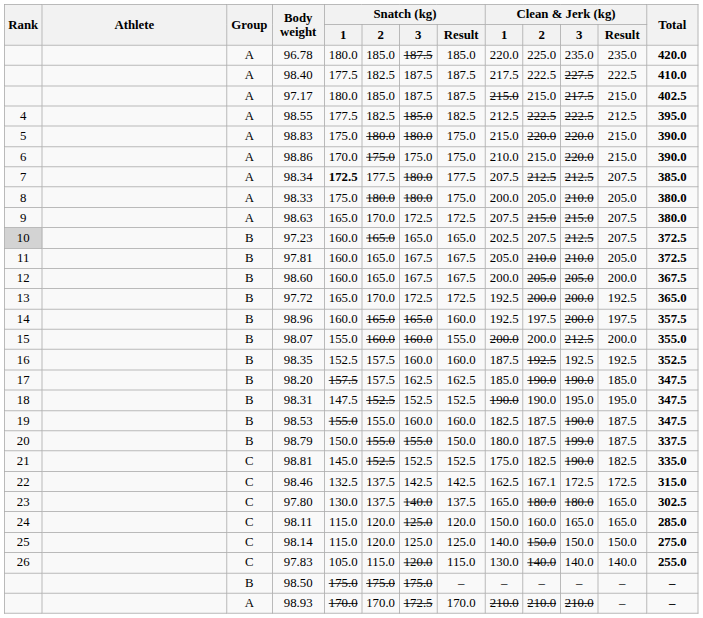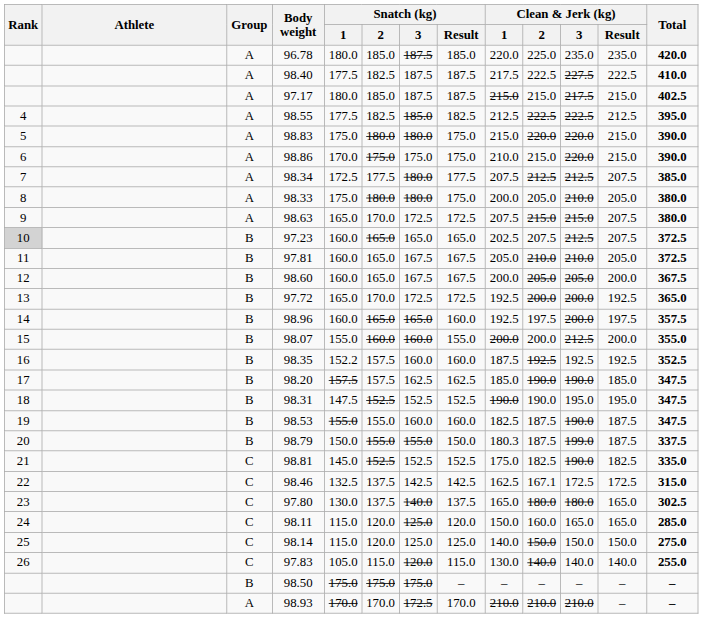 <table class="wikitable" style=" text-align:center;">
 <tr>
 <th rowspan=2 width=40>Rank</th>
 <th rowspan=2 width=250>Athlete</th>
 <th rowspan=2 width=50>Group</th>
 <th rowspan=2 width=60>Body weight</th>
 <th colspan=4>Snatch (kg)</th>
 <th colspan=4>Clean & Jerk (kg)</th>
 <th rowspan=2 width=60>Total</th>
 </tr>
 <tr>
 <th width=40>1</th>
 <th width=40>2</th>
 <th width=40>3</th>
 <th width=55>Result</th>
 <th width=40>1</th>
 <th width=40>2</th>
 <th width=40>3</th>
 <th width=55>Result</th>
 </tr>
 <tr>
 <td></td>
 <td align=left></td>
 <td>A</td>
 <td>96.78</td>
 <td>180.0</td>
 <td>185.0</td>
 <td><s>187.5</s></td>
 <td>185.0</td>
 <td>220.0</td>
 <td>225.0</td>
 <td>235.0</td>
 <td>235.0</td>
 <td><strong>420.0</strong></td>
 </tr>
 <tr>
 <td></td>
 <td align=left></td>
 <td>A</td>
 <td>98.40</td>
 <td>177.5</td>
 <td>182.5</td>
 <td>187.5</td>
 <td>187.5</td>
 <td>217.5</td>
 <td>222.5</td>
 <td><s>227.5</s></td>
 <td>222.5</td>
 <td><strong>410.0</strong></td>
 </tr>
 <tr>
 <td></td>
 <td align=left></td>
 <td>A</td>
 <td>97.17</td>
 <td>180.0</td>
 <td>185.0</td>
 <td>187.5</td>
 <td>187.5</td>
 <td><s>215.0</s></td>
 <td>215.0</td>
 <td><s>217.5</s></td>
 <td>215.0</td>
 <td><strong>402.5</strong></td>
 </tr>
 <tr>
 <td>4</td>
 <td align=left></td>
 <td>A</td>
 <td>98.55</td>
 <td>177.5</td>
 <td>182.5</td>
 <td><s>185.0</s></td>
 <td>182.5</td>
 <td>212.5</td>
 <td><s>222.5</s></td>
 <td><s>222.5</s></td>
 <td>212.5</td>
 <td><strong>395.0</strong></td>
 </tr>
 <tr>
 <td>5</td>
 <td align=left></td>
 <td>A</td>
 <td>98.83</td>
 <td>175.0</td>
 <td><s>180.0</s></td>
 <td><s>180.0</s></td>
 <td>175.0</td>
 <td>215.0</td>
 <td><s>220.0</s></td>
 <td><s>220.0</s></td>
 <td>215.0</td>
 <td><strong>390.0</strong></td>
 </tr>
 <tr>
 <td>6</td>
 <td align=left></td>
 <td>A</td>
 <td>98.86</td>
 <td>170.0</td>
 <td><s>175.0</s></td>
 <td>175.0</td>
 <td>175.0</td>
 <td>210.0</td>
 <td>215.0</td>
 <td><s>220.0</s></td>
 <td>215.0</td>
 <td><strong>390.0</strong></td>
 </tr>
 <tr>
 <td>7</td>
 <td align=left></td>
 <td>A</td>
 <td>98.34</td>
-<td><strong>172.5</strong></td>
+<td>172.5</td>
 <td>177.5</td>
 <td><s>180.0</s></td>
 <td>177.5</td>
 <td>207.5</td>
 <td><s>212.5</s></td>
 <td><s>212.5</s></td>
 <td>207.5</td>
 <td><strong>385.0</strong></td>
 </tr>
 <tr>
 <td>8</td>
 <td align=left></td>
 <td>A</td>
 <td>98.33</td>
 <td>175.0</td>
 <td><s>180.0</s></td>
 <td><s>180.0</s></td>
 <td>175.0</td>
 <td>200.0</td>
 <td>205.0</td>
 <td><s>210.0</s></td>
 <td>205.0</td>
 <td><strong>380.0</strong></td>
 </tr>
 <tr>
 <td>9</td>
 <td align=left></td>
 <td>A</td>
 <td>98.63</td>
 <td>165.0</td>
 <td>170.0</td>
 <td>172.5</td>
 <td>172.5</td>
 <td>207.5</td>
 <td><s>215.0</s></td>
 <td><s>215.0</s></td>
 <td>207.5</td>
 <td><strong>380.0</strong></td>
 </tr>
 <tr>
 <td style="background: lightgrey;">10</td>
 <td align=left></td>
 <td>B</td>
 <td>97.23</td>
 <td>160.0</td>
 <td><s>165.0</s></td>
 <td>165.0</td>
 <td>165.0</td>
 <td>202.5</td>
 <td>207.5</td>
 <td><s>212.5</s></td>
 <td>207.5</td>
 <td><strong>372.5</strong></td>
 </tr>
 <tr>
 <td>11</td>
 <td align=left></td>
 <td>B</td>
 <td>97.81</td>
 <td>160.0</td>
 <td>165.0</td>
 <td>167.5</td>
 <td>167.5</td>
 <td>205.0</td>
 <td><s>210.0</s></td>
 <td><s>210.0</s></td>
 <td>205.0</td>
 <td><strong>372.5</strong></td>
 </tr>
 <tr>
 <td>12</td>
 <td align=left></td>
 <td>B</td>
 <td>98.60</td>
 <td>160.0</td>
 <td>165.0</td>
 <td>167.5</td>
 <td>167.5</td>
 <td>200.0</td>
 <td><s>205.0</s></td>
 <td><s>205.0</s></td>
 <td>200.0</td>
 <td><strong>367.5</strong></td>
 </tr>
 <tr>
 <td>13</td>
 <td align=left></td>
 <td>B</td>
 <td>97.72</td>
 <td>165.0</td>
 <td>170.0</td>
 <td>172.5</td>
 <td>172.5</td>
 <td>192.5</td>
 <td><s>200.0</s></td>
 <td><s>200.0</s></td>
 <td>192.5</td>
 <td><strong>365.0</strong></td>
 </tr>
 <tr>
 <td>14</td>
 <td align=left></td>
 <td>B</td>
 <td>98.96</td>
 <td>160.0</td>
 <td><s>165.0</s></td>
 <td><s>165.0</s></td>
 <td>160.0</td>
 <td>192.5</td>
 <td>197.5</td>
 <td><s>200.0</s></td>
 <td>197.5</td>
 <td><strong>357.5</strong></td>
 </tr>
 <tr>
 <td>15</td>
 <td align=left></td>
 <td>B</td>
 <td>98.07</td>
 <td>155.0</td>
 <td><s>160.0</s></td>
 <td><s>160.0</s></td>
 <td>155.0</td>
 <td><s>200.0</s></td>
 <td>200.0</td>
 <td><s>212.5</s></td>
 <td>200.0</td>
 <td><strong>355.0</strong></td>
 </tr>
 <tr>
 <td>16</td>
 <td align=left></td>
 <td>B</td>
 <td>98.35</td>
-<td>152.5</td>
+<td>152.2</td>
 <td>157.5</td>
 <td>160.0</td>
 <td>160.0</td>
 <td>187.5</td>
 <td><s>192.5</s></td>
 <td>192.5</td>
 <td>192.5</td>
 <td><strong>352.5</strong></td>
 </tr>
 <tr>
 <td>17</td>
 <td align=left></td>
 <td>B</td>
 <td>98.20</td>
 <td><s>157.5</s></td>
 <td>157.5</td>
 <td>162.5</td>
 <td>162.5</td>
 <td>185.0</td>
 <td><s>190.0</s></td>
 <td><s>190.0</s></td>
 <td>185.0</td>
 <td><strong>347.5</strong></td>
 </tr>
 <tr>
 <td>18</td>
 <td align="left"></td>
 <td>B</td>
 <td>98.31</td>
 <td>147.5</td>
 <td><s>152.5</s></td>
 <td>152.5</td>
 <td>152.5</td>
 <td><s>190.0</s></td>
 <td>190.0</td>
 <td>195.0</td>
 <td>195.0</td>
 <td><strong>347.5</strong></td>
 </tr>
 <tr>
 <td>19</td>
 <td align="left"></td>
 <td>B</td>
 <td>98.53</td>
 <td><s>155.0</s></td>
 <td>155.0</td>
 <td>160.0</td>
 <td>160.0</td>
 <td>182.5</td>
 <td>187.5</td>
 <td><s>190.0</s></td>
 <td>187.5</td>
 <td><strong>347.5</strong></td>
 </tr>
 <tr>
 <td>20</td>
 <td align="left"></td>
 <td>B</td>
 <td>98.79</td>
 <td>150.0</td>
 <td><s>155.0</s></td>
 <td><s>155.0</s></td>
 <td>150.0</td>
-<td>180.0</td>
+<td>180.3</td>
 <td>187.5</td>
 <td><s>199.0</s></td>
 <td>187.5</td>
 <td><strong>337.5</strong></td>
 </tr>
 <tr>
 <td>21</td>
 <td align="left"></td>
 <td>C</td>
 <td>98.81</td>
 <td>145.0</td>
 <td><s>152.5</s></td>
 <td>152.5</td>
 <td>152.5</td>
 <td>175.0</td>
 <td>182.5</td>
 <td><s>190.0</s></td>
 <td>182.5</td>
 <td><strong>335.0</strong></td>
 </tr>
 <tr>
 <td>22</td>
 <td align="left"></td>
 <td>C</td>
 <td>98.46</td>
 <td>132.5</td>
 <td>137.5</td>
 <td>142.5</td>
 <td>142.5</td>
 <td>162.5</td>
 <td>167.1</td>
 <td>172.5</td>
 <td>172.5</td>
 <td><strong>315.0</strong></td>
 </tr>
 <tr>
 <td>23</td>
 <td align="left"></td>
 <td>C</td>
 <td>97.80</td>
 <td>130.0</td>
 <td>137.5</td>
 <td><s>140.0</s></td>
 <td>137.5</td>
 <td>165.0</td>
 <td><s>180.0</s></td>
 <td><s>180.0</s></td>
 <td>165.0</td>
 <td><strong>302.5</strong></td>
 </tr>
 <tr>
 <td>24</td>
 <td align="left"></td>
 <td>C</td>
 <td>98.11</td>
 <td>115.0</td>
 <td>120.0</td>
 <td><s>125.0</s></td>
 <td>120.0</td>
 <td>150.0</td>
 <td>160.0</td>
 <td>165.0</td>
 <td>165.0</td>
 <td><strong>285.0</strong></td>
 </tr>
 <tr>
 <td>25</td>
 <td align="left"></td>
 <td>C</td>
 <td>98.14</td>
 <td>115.0</td>
 <td>120.0</td>
 <td>125.0</td>
 <td>125.0</td>
 <td>140.0</td>
 <td><s>150.0</s></td>
 <td>150.0</td>
 <td>150.0</td>
 <td><strong>275.0</strong></td>
 </tr>
 <tr>
 <td>26</td>
 <td align="left"></td>
 <td>C</td>
 <td>97.83</td>
 <td>105.0</td>
 <td>115.0</td>
 <td><s>120.0</s></td>
 <td>115.0</td>
 <td>130.0</td>
 <td><s>140.0</s></td>
 <td>140.0</td>
 <td>140.0</td>
 <td><strong>255.0</strong></td>
 </tr>
 <tr>
 <td></td>
 <td align="left"></td>
 <td>B</td>
 <td>98.50</td>
 <td><s>175.0</s></td>
 <td><s>175.0</s></td>
 <td><s>175.0</s></td>
 <td>–</td>
 <td>–</td>
 <td>–</td>
 <td>–</td>
 <td>–</td>
 <td><strong>–</strong></td>
 </tr>
 <tr>
 <td></td>
 <td align="left"></td>
 <td>A</td>
 <td>98.93</td>
 <td><s>170.0</s></td>
 <td>170.0</td>
 <td><s>172.5</s></td>
 <td>170.0</td>
 <td><s>210.0</s></td>
 <td><s>210.0</s></td>
 <td><s>210.0</s></td>
 <td>–</td>
 <td><strong>–</strong></td>
 </tr>
 </table>
